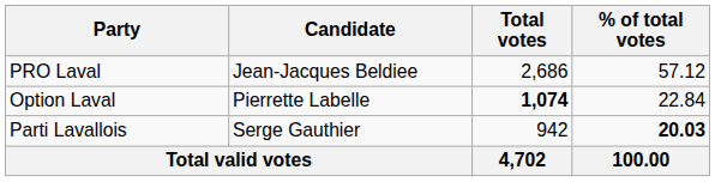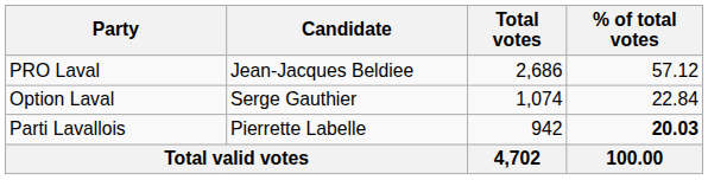 <table style="width:600px;" class="wikitable">
 <tr style="background-color:#E9E9E9">
 <th colspan="2" style="width: 200px">Party</th>
 <th colspan="1" style="width: 200px">Candidate</th>
 <th align="right">Total votes</th>
 <th align="right">% of total votes</th>
 </tr>
 <tr>
 <td colspan="2" align="left">PRO Laval</td>
 <td align="left">Jean-Jacques Beldiee</td>
 <td align="right">2,686</td>
 <td align="right">57.12</td>
 </tr>
 <tr>
 <td colspan="2" align="left">Option Laval</td>
-<td align="left">Pierrette Labelle</td>
-<td align="right"><strong>1,074</strong></td>
+<td align="left">Serge Gauthier</td>
+<td align="right">1,074</td>
 <td align="right">22.84</td>
 </tr>
 <tr>
 <td colspan="2" align="left">Parti Lavallois</td>
-<td align="left">Serge Gauthier</td>
+<td align="left">Pierrette Labelle</td>
 <td align="right">942</td>
 <td align="right"><strong>20.03</strong></td>
 </tr>
 <tr bgcolor="#EEEEEE">
 <th colspan="3"  align="left">Total valid votes</th>
 <th align="right">4,702</th>
 <th align="right">100.00</th>
 </tr>
 </table>
